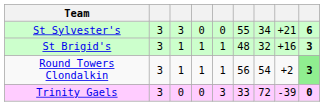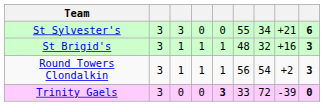 <table class="wikitable" style="text-align:center">
 <tr>
 <th style="width:175px;">Team</th>
 <th width="20"></th>
 <th width="20"></th>
 <th width="20"></th>
 <th width="20"></th>
 <th width="20"></th>
 <th width="20"></th>
 <th width="20"></th>
 <th width="20"></th>
 </tr>
 <tr style="background:#cfc;">
 <td><a href='#'>St Sylvester's</a></td>
 <td>3</td>
 <td>3</td>
 <td>0</td>
 <td>0</td>
 <td>55</td>
 <td>34</td>
 <td>+21</td>
 <td><strong>6</strong></td>
 </tr>
 <tr style="background:#cfc;">
 <td><a href='#'>St Brigid's</a></td>
 <td>3</td>
 <td>1</td>
 <td>1</td>
 <td>1</td>
 <td>48</td>
 <td>32</td>
 <td>+16</td>
 <td><strong>3</strong></td>
 </tr>
 <tr>
 <td><a href='#'>Round Towers Clondalkin</a></td>
 <td>3</td>
 <td>1</td>
 <td>1</td>
 <td>1</td>
 <td>56</td>
 <td>54</td>
 <td>+2</td>
-<td style="background: lightgreen;"><strong>3</strong></td>
+<td><strong>3</strong></td>
 </tr>
 <tr style="background:#fcf;">
 <td><a href='#'>Trinity Gaels</a></td>
 <td>3</td>
 <td>0</td>
 <td>0</td>
-<td>3</td>
+<td><strong>3</strong></td>
 <td>33</td>
 <td>72</td>
 <td>-39</td>
 <td><strong>0</strong></td>
 </tr>
 </table>
